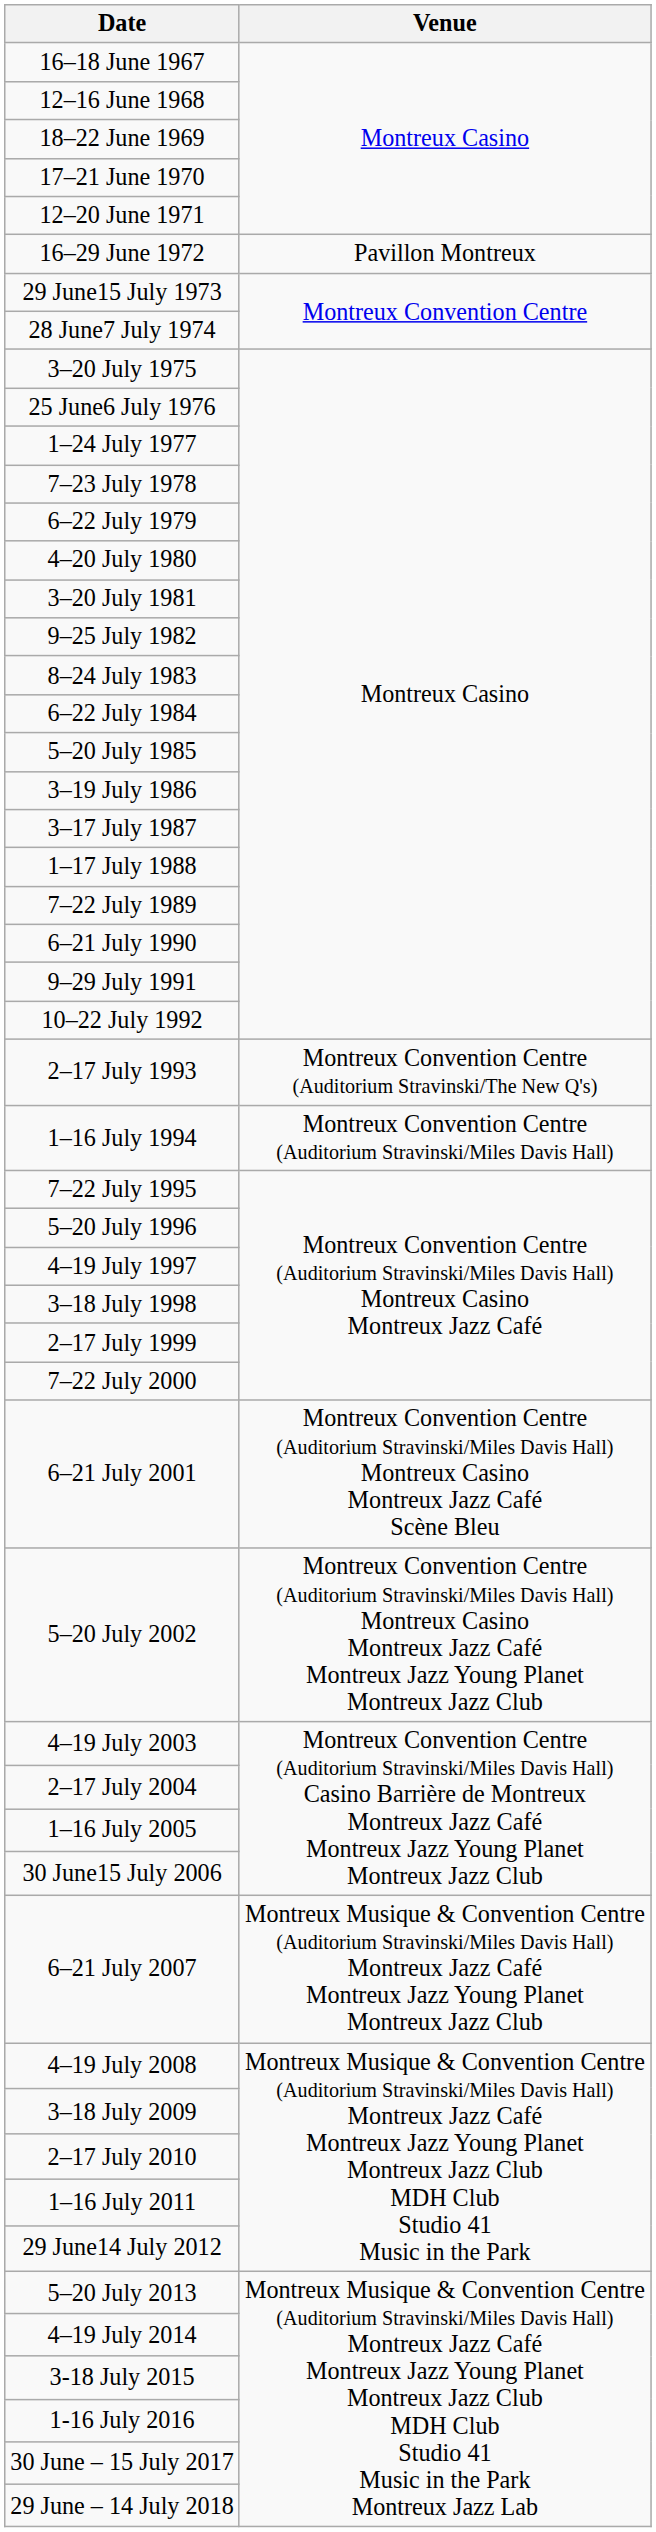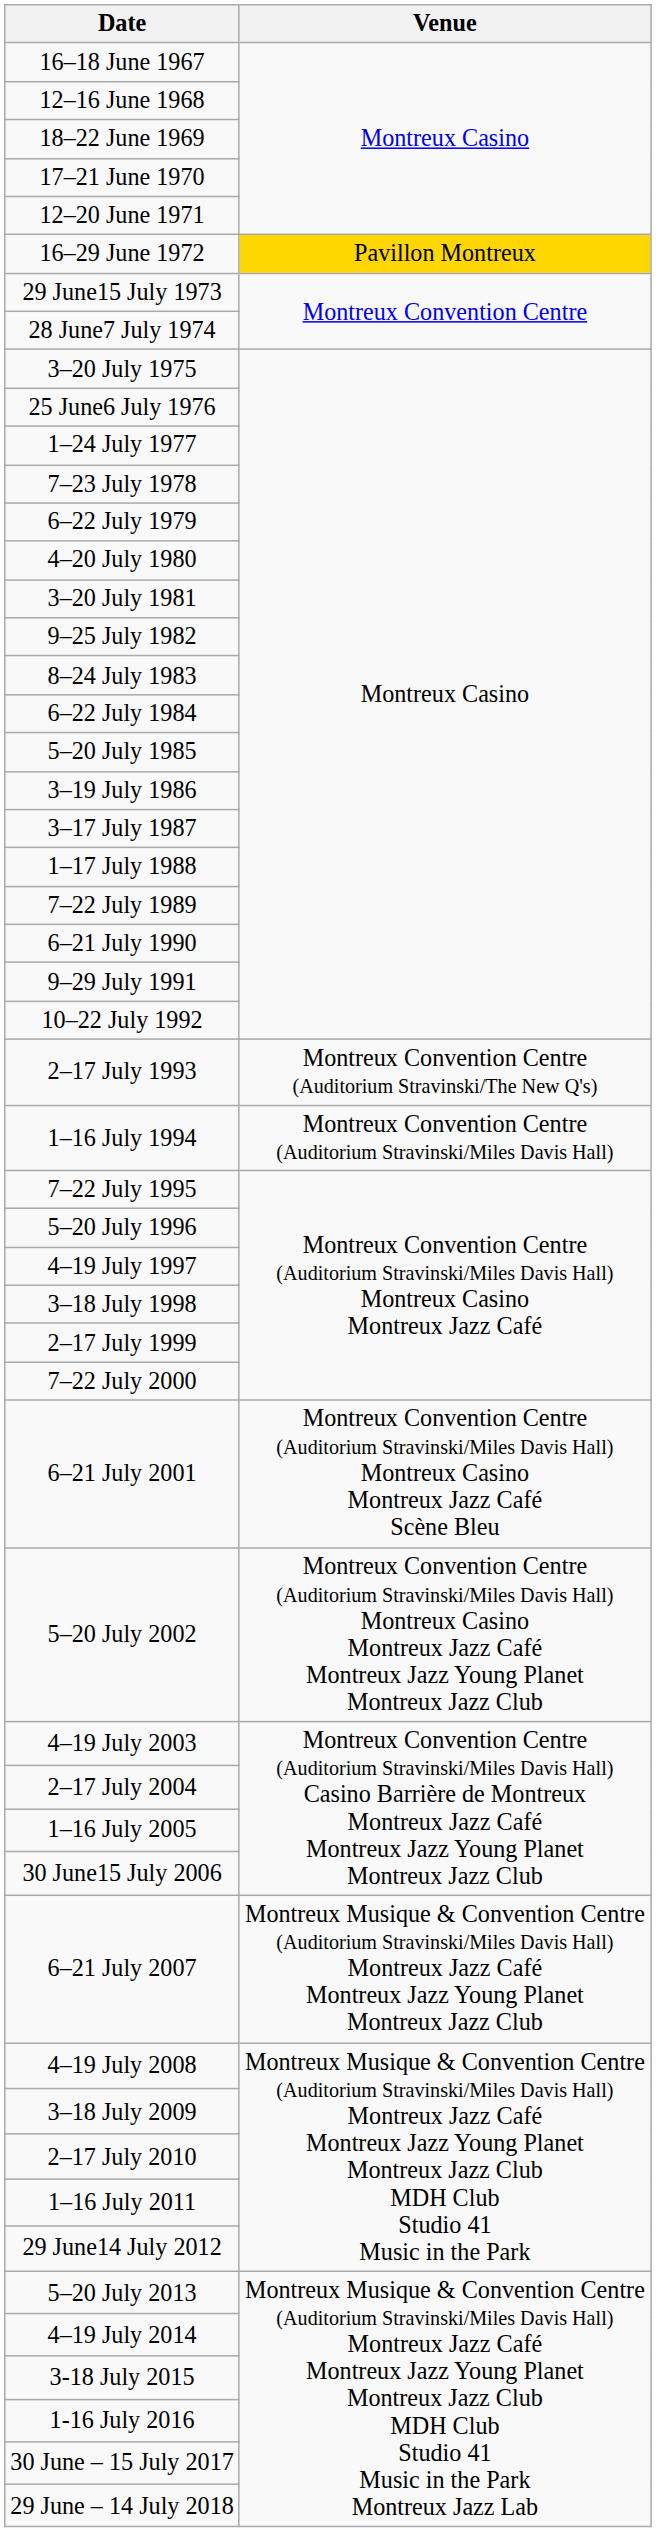 <table class="wikitable" style="text-align:center;">
 <tr>
 <th scope="col">Date</th>
 <th scope="col">Venue</th>
 </tr>
 <tr>
 <td>16–18 June 1967</td>
 <td rowspan="5"><a href='#'>Montreux Casino</a></td>
 </tr>
 <tr>
 <td>12–16 June 1968</td>
 </tr>
 <tr>
 <td>18–22 June 1969</td>
 </tr>
 <tr>
 <td>17–21 June 1970</td>
 </tr>
 <tr>
 <td>12–20 June 1971</td>
 </tr>
 <tr>
 <td>16–29 June 1972</td>
-<td>Pavillon Montreux</td>
+<td style="background: gold;">Pavillon Montreux</td>
 </tr>
 <tr>
 <td>29 June15 July 1973</td>
 <td rowspan="2"><a href='#'>Montreux Convention Centre</a></td>
 </tr>
 <tr>
 <td>28 June7 July 1974</td>
 </tr>
 <tr>
 <td>3–20 July 1975</td>
 <td rowspan="18">Montreux Casino</td>
 </tr>
 <tr>
 <td>25 June6 July 1976</td>
 </tr>
 <tr>
 <td>1–24 July 1977</td>
 </tr>
 <tr>
 <td>7–23 July 1978</td>
 </tr>
 <tr>
 <td>6–22 July 1979</td>
 </tr>
 <tr>
 <td>4–20 July 1980</td>
 </tr>
 <tr>
 <td>3–20 July 1981</td>
 </tr>
 <tr>
 <td>9–25 July 1982</td>
 </tr>
 <tr>
 <td>8–24 July 1983</td>
 </tr>
 <tr>
 <td>6–22 July 1984</td>
 </tr>
 <tr>
 <td>5–20 July 1985</td>
 </tr>
 <tr>
 <td>3–19 July 1986</td>
 </tr>
 <tr>
 <td>3–17 July 1987</td>
 </tr>
 <tr>
 <td>1–17 July 1988</td>
 </tr>
 <tr>
 <td>7–22 July 1989</td>
 </tr>
 <tr>
 <td>6–21 July 1990</td>
 </tr>
 <tr>
 <td>9–29 July 1991</td>
 </tr>
 <tr>
 <td>10–22 July 1992</td>
 </tr>
 <tr>
 <td>2–17 July 1993</td>
 <td>Montreux Convention Centre <br><small>(Auditorium Stravinski/The New Q's)</small></td>
 </tr>
 <tr>
 <td>1–16 July 1994</td>
 <td>Montreux Convention Centre <br><small>(Auditorium Stravinski/Miles Davis Hall)</small></td>
 </tr>
 <tr>
 <td>7–22 July 1995</td>
 <td rowspan="6">Montreux Convention Centre <br><small>(Auditorium Stravinski/Miles Davis Hall)</small><br>Montreux Casino<br>Montreux Jazz Café</td>
 </tr>
 <tr>
 <td>5–20 July 1996</td>
 </tr>
 <tr>
 <td>4–19 July 1997</td>
 </tr>
 <tr>
 <td>3–18 July 1998</td>
 </tr>
 <tr>
 <td>2–17 July 1999</td>
 </tr>
 <tr>
 <td>7–22 July 2000</td>
 </tr>
 <tr>
 <td>6–21 July 2001</td>
 <td>Montreux Convention Centre <br><small>(Auditorium Stravinski/Miles Davis Hall)</small><br>Montreux Casino<br>Montreux Jazz Café<br>Scène Bleu</td>
 </tr>
 <tr>
 <td>5–20 July 2002</td>
 <td>Montreux Convention Centre <br><small>(Auditorium Stravinski/Miles Davis Hall)</small><br>Montreux Casino<br>Montreux Jazz Café<br>Montreux Jazz Young Planet<br>Montreux Jazz Club</td>
 </tr>
 <tr>
 <td>4–19 July 2003</td>
 <td rowspan="4">Montreux Convention Centre <br><small>(Auditorium Stravinski/Miles Davis Hall)</small><br>Casino Barrière de Montreux<br>Montreux Jazz Café<br>Montreux Jazz Young Planet<br>Montreux Jazz Club</td>
 </tr>
 <tr>
 <td>2–17 July 2004</td>
 </tr>
 <tr>
 <td>1–16 July 2005</td>
 </tr>
 <tr>
 <td>30 June15 July 2006</td>
 </tr>
 <tr>
 <td>6–21 July 2007</td>
 <td>Montreux Musique & Convention Centre <br><small>(Auditorium Stravinski/Miles Davis Hall)</small><br>Montreux Jazz Café<br>Montreux Jazz Young Planet<br>Montreux Jazz Club</td>
 </tr>
 <tr>
 <td>4–19 July 2008</td>
 <td rowspan="5">Montreux Musique & Convention Centre <br><small>(Auditorium Stravinski/Miles Davis Hall)</small><br>Montreux Jazz Café<br>Montreux Jazz Young Planet<br>Montreux Jazz Club<br>MDH Club<br>Studio 41<br>Music in the Park</td>
 </tr>
 <tr>
 <td>3–18 July 2009</td>
 </tr>
 <tr>
 <td>2–17 July 2010</td>
 </tr>
 <tr>
 <td>1–16 July 2011</td>
 </tr>
 <tr>
 <td>29 June14 July 2012</td>
 </tr>
 <tr>
 <td>5–20 July 2013</td>
 <td rowspan="6">Montreux Musique & Convention Centre <br><small>(Auditorium Stravinski/Miles Davis Hall)</small><br>Montreux Jazz Café<br>Montreux Jazz Young Planet<br>Montreux Jazz Club<br>MDH Club<br>Studio 41<br>Music in the Park<br>Montreux Jazz Lab</td>
 </tr>
 <tr>
 <td>4–19 July 2014</td>
 </tr>
 <tr>
 <td>3-18 July 2015</td>
 </tr>
 <tr>
 <td>1-16 July 2016</td>
 </tr>
 <tr>
 <td>30 June – 15 July 2017</td>
 </tr>
 <tr>
 <td>29 June – 14 July 2018</td>
 </tr>
 </table>
